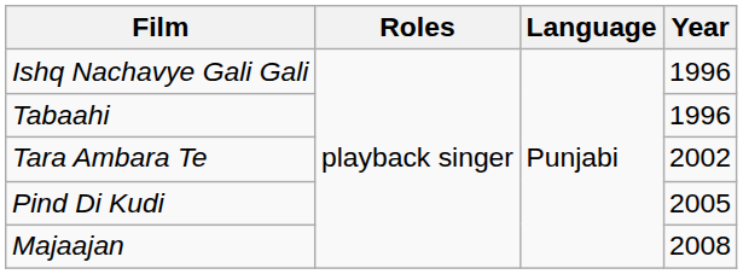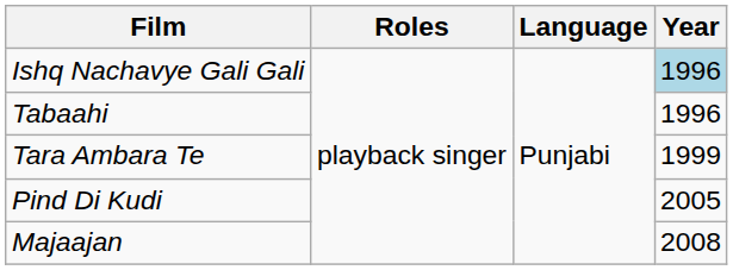 <table class="wikitable">
 <tr>
 <th>Film</th>
 <th>Roles</th>
 <th>Language</th>
 <th>Year</th>
 </tr>
 <tr>
 <td><em>Ishq Nachavye Gali Gali</em></td>
 <td rowspan="5">playback singer</td>
 <td rowspan="5">Punjabi</td>
-<td>1996</td>
+<td style="background: lightblue;">1996</td>
 </tr>
 <tr>
 <td><em>Tabaahi</em></td>
 <td>1996</td>
 </tr>
 <tr>
 <td><em>Tara Ambara Te</em></td>
-<td>2002</td>
+<td>1999</td>
 </tr>
 <tr>
 <td><em>Pind Di Kudi</em></td>
 <td>2005</td>
 </tr>
 <tr>
 <td><em>Majaajan</em></td>
 <td>2008</td>
 </tr>
 </table>
